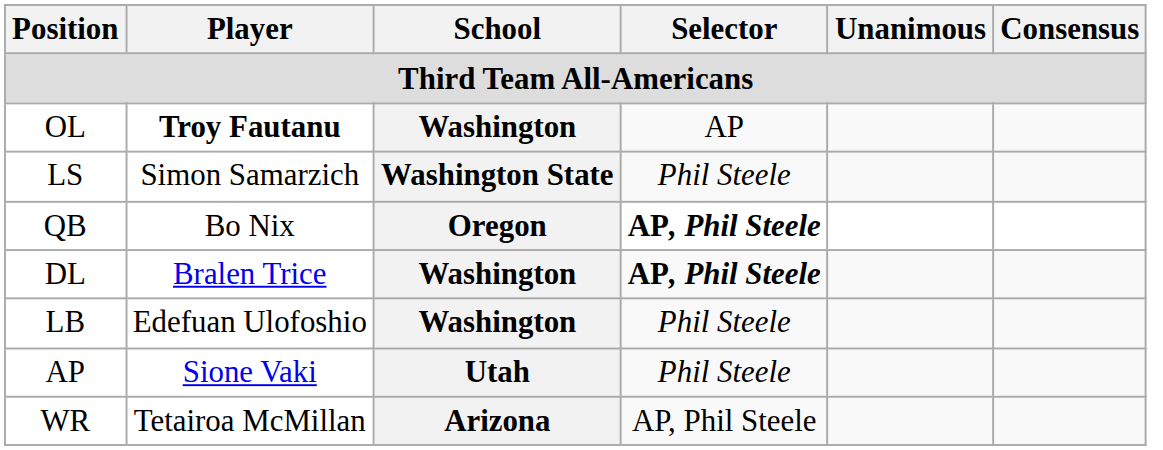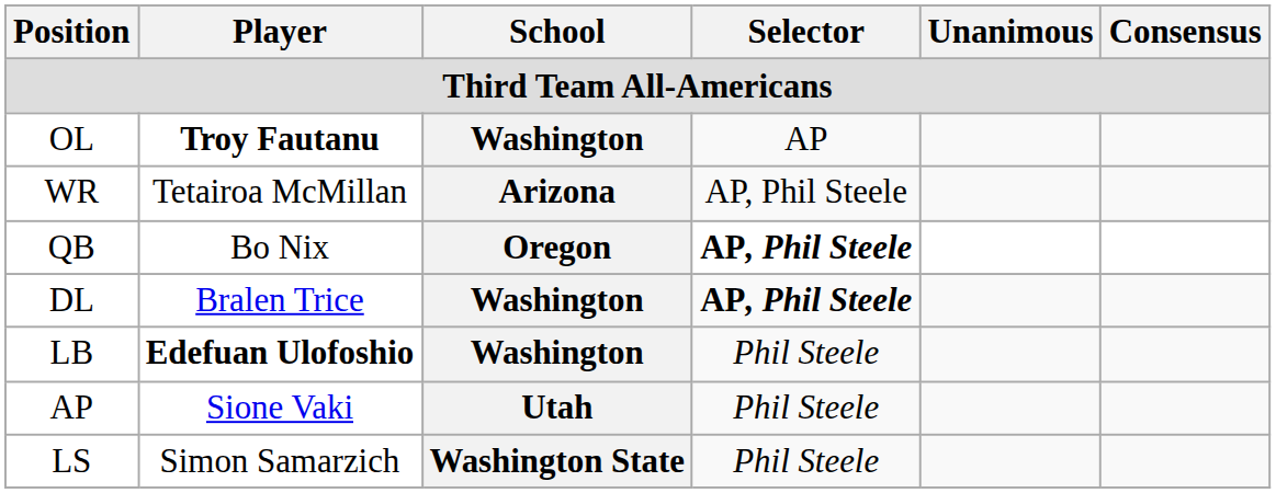 <table class="wikitable">
 <tr>
 <th>Position</th>
 <th>Player</th>
 <th>School</th>
 <th>Selector</th>
 <th>Unanimous</th>
 <th>Consensus</th>
 </tr>
 <tr>
 <td colspan="6" style="text-align:center; background:#ddd;"><strong>Third Team All-Americans</strong></td>
 </tr>
 <tr style="text-align:center;">
 <td style="background:white">OL</td>
 <td style="background:white"><strong>Troy Fautanu</strong></td>
 <th style=>Washington</th>
 <td></strong>AP<strong></td>
 <td></td>
 <td></td>
 </tr>
 <tr style="text-align:center;">
-<td style="background:white">LS</td>
-<td style="background:white">Simon Samarzich</td>
-<th style=>Washington State</th>
-<td><em>Phil Steele</em></td>
+<td style="background:white">WR</td>
+<td style="background:white">Tetairoa McMillan</td>
+<th style=>Arizona</th>
+<td></strong>AP</em></strong>, Phil Steele</em></td>
 <td></td>
 <td></td>
 </tr>
 <tr style="text-align:center;">
 <td style="background:white">QB</td>
 <td style="background:white">Bo Nix</td>
 <th style=>Oregon</th>
 <td style="background:white"><strong>AP<strong><em>, Phil Steele<em></td>
 <td style="background:white"></td>
 <td style="background:white"></td>
 </tr>
 <tr style="text-align:center;">
 <td style="background:white">DL</td>
 <td style="background:white"><a href='#'>Bralen Trice</a></td>
 <th style=>Washington</th>
 <td><strong>AP<strong><em>, Phil Steele<em></td>
 <td></td>
 <td></td>
 </tr>
 <tr style="text-align:center;">
 <td style="background:white">LB</td>
-<td style="background:white">Edefuan Ulofoshio</td>
+<td style="background:white"><strong>Edefuan Ulofoshio</strong></td>
 <th style=>Washington</th>
 <td><em>Phil Steele</em></td>
 <td></td>
 <td></td>
 </tr>
 <tr style="text-align:center;">
 <td style="background:white">AP</td>
 <td style="background:white"><a href='#'>Sione Vaki</a></td>
 <th>Utah</th>
 <td><em>Phil Steele</em></td>
 <td></td>
 <td></td>
 </tr>
 <tr style="text-align:center;">
-<td style="background:white">WR</td>
-<td style="background:white">Tetairoa McMillan</td>
-<th style=>Arizona</th>
-<td></strong>AP</em></strong>, Phil Steele</em></td>
+<td style="background:white">LS</td>
+<td style="background:white">Simon Samarzich</td>
+<th style=>Washington State</th>
+<td><em>Phil Steele</em></td>
 <td></td>
 <td></td>
 </tr>
 </table>
